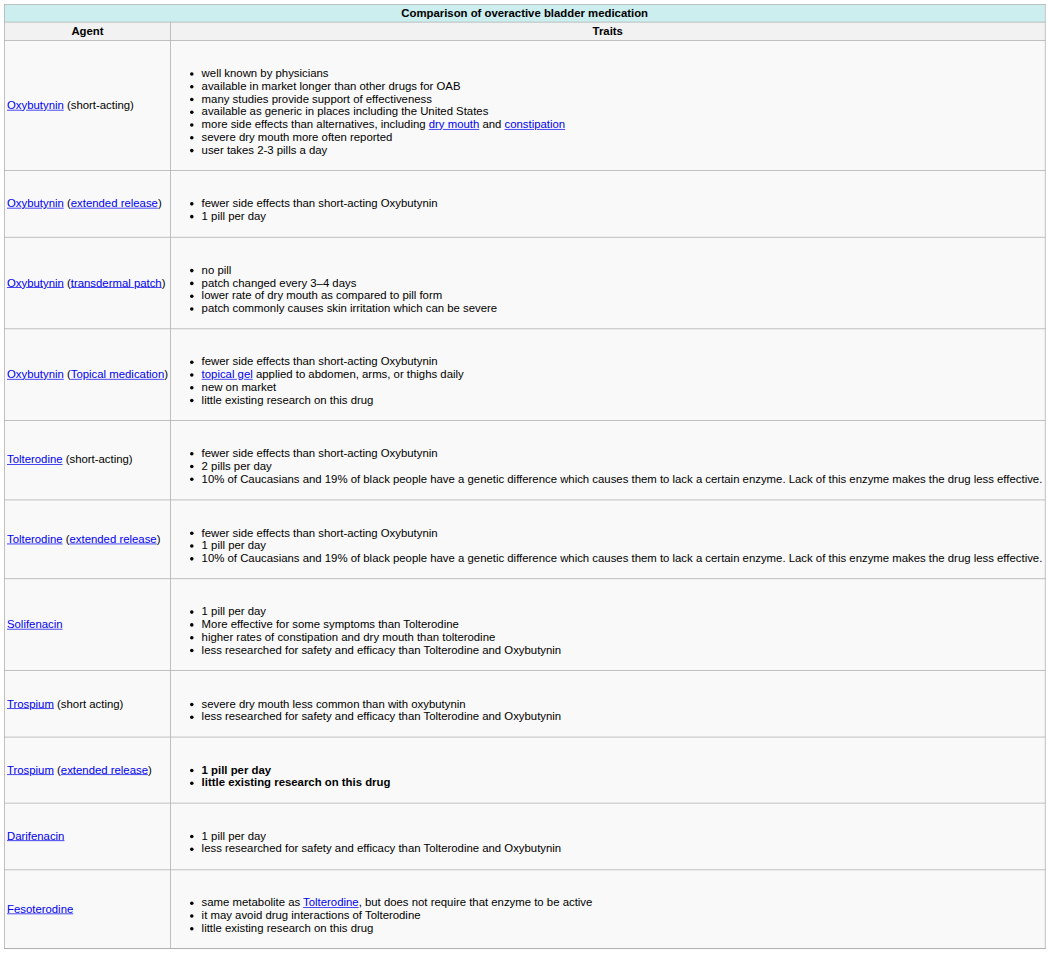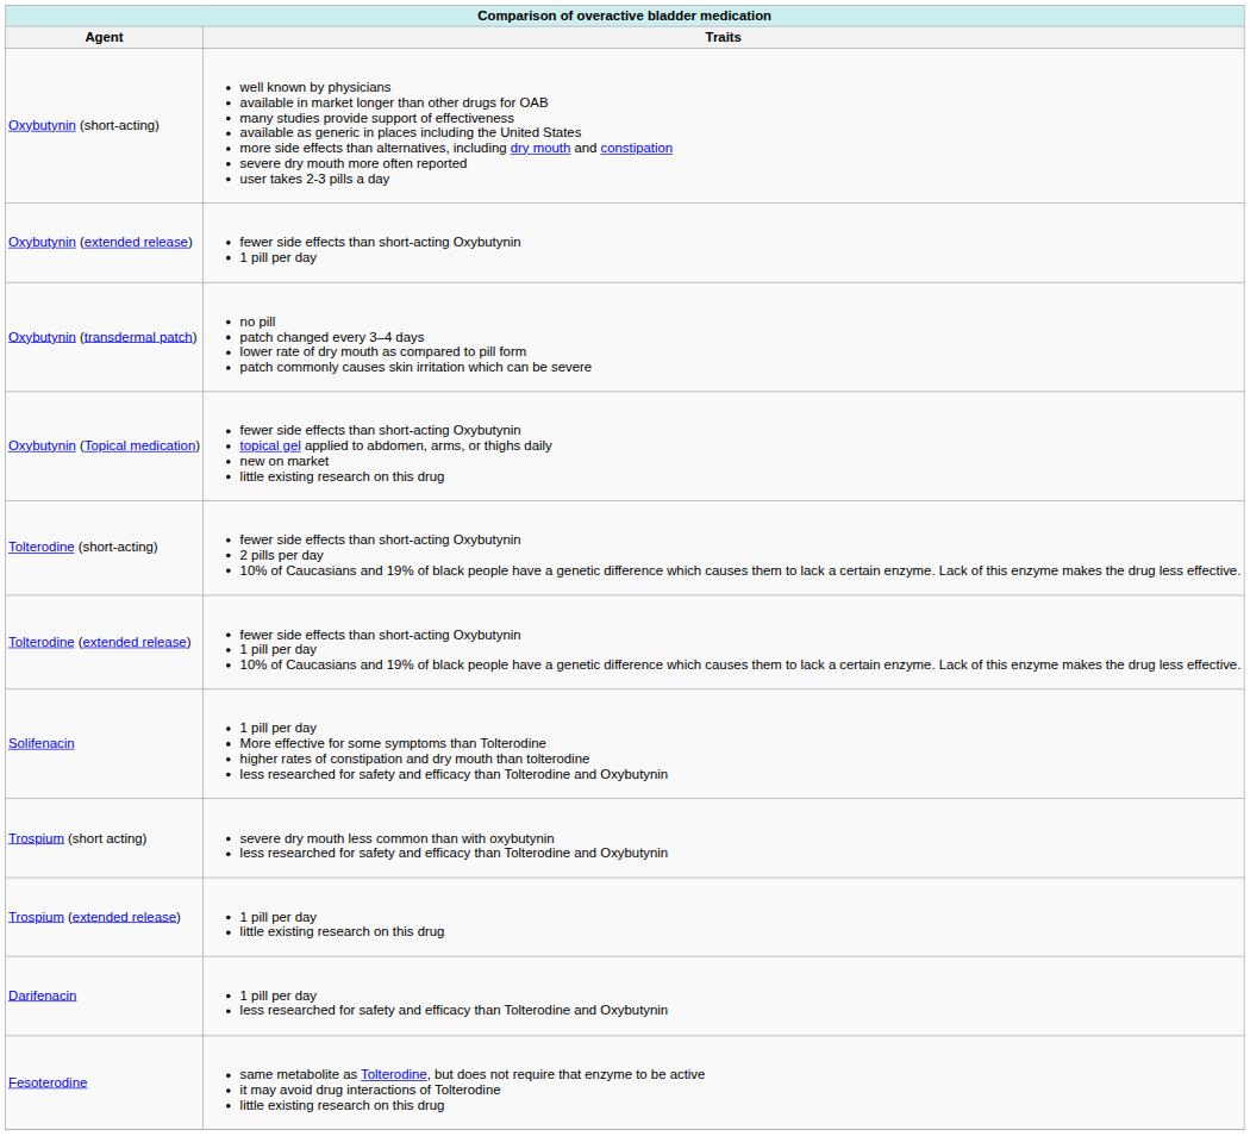 <table class="wikitable sortable mw-collapsible mw-collapsed">
 <tr>
 <th colspan="4" style="background-color: #CCEEEE;">Comparison of overactive bladder medication</th>
 </tr>
 <tr>
 <th>Agent</th>
 <th>Traits</th>
 </tr>
 <tr>
 <td><a href='#'>Oxybutynin</a> (short-acting)</td>
 <td><br><ul><li>well known by physicians</li><li>available in market longer than other drugs for OAB</li><li>many studies provide support of effectiveness</li><li>available as generic in places including the United States</li><li>more side effects than alternatives, including <a href='#'>dry mouth</a> and <a href='#'>constipation</a></li><li>severe dry mouth more often reported</li><li>user takes 2-3 pills a day</li></ul></td>
 </tr>
 <tr>
 <td><a href='#'>Oxybutynin</a> (<a href='#'>extended release</a>)</td>
 <td><br><ul><li>fewer side effects than short-acting Oxybutynin</li><li>1 pill per day</li></ul></td>
 </tr>
 <tr>
 <td><a href='#'>Oxybutynin</a> (<a href='#'>transdermal patch</a>)</td>
 <td><br><ul><li>no pill</li><li>patch changed every 3–4 days</li><li>lower rate of dry mouth as compared to pill form</li><li>patch commonly causes skin irritation which can be severe</li></ul></td>
 </tr>
 <tr>
 <td><a href='#'>Oxybutynin</a> (<a href='#'>Topical medication</a>)</td>
 <td><br><ul><li>fewer side effects than short-acting Oxybutynin</li><li><a href='#'>topical gel</a> applied to abdomen, arms, or thighs daily</li><li>new on market</li><li>little existing research on this drug</li></ul></td>
 </tr>
 <tr>
 <td><a href='#'>Tolterodine</a> (short-acting)</td>
 <td><br><ul><li>fewer side effects than short-acting Oxybutynin</li><li>2 pills per day</li><li>10% of Caucasians and 19% of black people have a genetic difference which causes them to lack a certain enzyme. Lack of this enzyme makes the drug less effective.</li></ul></td>
 </tr>
 <tr>
 <td><a href='#'>Tolterodine</a> (<a href='#'>extended release</a>)</td>
 <td><br><ul><li>fewer side effects than short-acting Oxybutynin</li><li>1 pill per day</li><li>10% of Caucasians and 19% of black people have a genetic difference which causes them to lack a certain enzyme. Lack of this enzyme makes the drug less effective.</li></ul></td>
 </tr>
 <tr>
 <td><a href='#'>Solifenacin</a></td>
 <td><br><ul><li>1 pill per day</li><li>More effective for some symptoms than Tolterodine</li><li>higher rates of constipation and dry mouth than tolterodine</li><li>less researched for safety and efficacy than Tolterodine and Oxybutynin</li></ul></td>
 </tr>
 <tr>
 <td><a href='#'>Trospium</a> (short acting)</td>
 <td><br><ul><li>severe dry mouth less common than with oxybutynin</li><li>less researched for safety and efficacy than Tolterodine and Oxybutynin</li></ul></td>
 </tr>
 <tr>
 <td><a href='#'>Trospium</a> (<a href='#'>extended release</a>)</td>
-<td><strong><br><ul><li>1 pill per day</li><li>little existing research on this drug</li></ul></strong></td>
+<td><br><ul><li>1 pill per day</li><li>little existing research on this drug</li></ul></td>
 </tr>
 <tr>
 <td><a href='#'>Darifenacin</a></td>
 <td><br><ul><li>1 pill per day</li><li>less researched for safety and efficacy than Tolterodine and Oxybutynin</li></ul></td>
 </tr>
 <tr>
 <td><a href='#'>Fesoterodine</a></td>
 <td><br><ul><li>same metabolite as <a href='#'>Tolterodine</a>, but does not require that enzyme to be active</li><li>it may avoid drug interactions of Tolterodine</li><li>little existing research on this drug</li></ul></td>
 </tr>
 <tr>
 </tr>
 </table>
